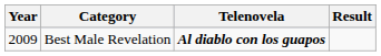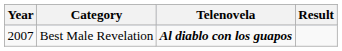 <table class="wikitable">
 <tr style="background:#b0c4de;">
 <th>Year</th>
 <th>Category</th>
 <th>Telenovela</th>
 <th>Result</th>
 </tr>
 <tr>
-<td>2009</td>
+<td>2007</td>
 <td>Best Male Revelation</td>
 <td><strong><em>Al diablo con los guapos</em></strong></td>
 <td></td>
 </tr>
 </table>
